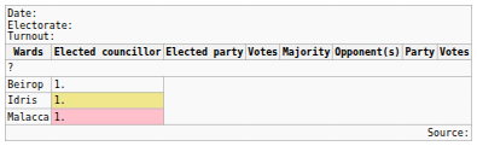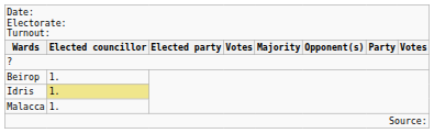 <table class=wikitable>
 <tr>
 <td colspan=8>Date: <br>Electorate: <br>Turnout:</td>
 </tr>
 <tr>
 <th>Wards</th>
 <th>Elected councillor</th>
 <th>Elected party</th>
 <th>Votes</th>
 <th>Majority</th>
 <th>Opponent(s)</th>
 <th>Party</th>
 <th>Votes</th>
 </tr>
 <tr>
 <td colspan=8>? </td>
 </tr>
 <tr>
 <td>Beirop</td>
 <td>1.</td>
 </tr>
 <tr>
 <td>Idris</td>
 <td style="background: khaki;">1.</td>
 </tr>
 <tr>
 <td>Malacca</td>
-<td style="background: pink;">1.</td>
+<td>1.</td>
 </tr>
 <tr>
 <td colspan="8" style="text-align:right;">Source:</td>
 </tr>
 </table>
